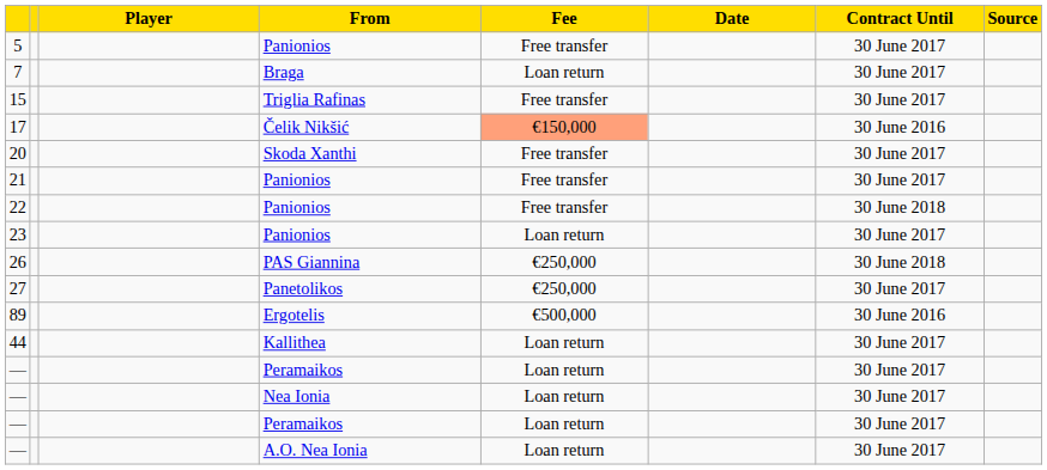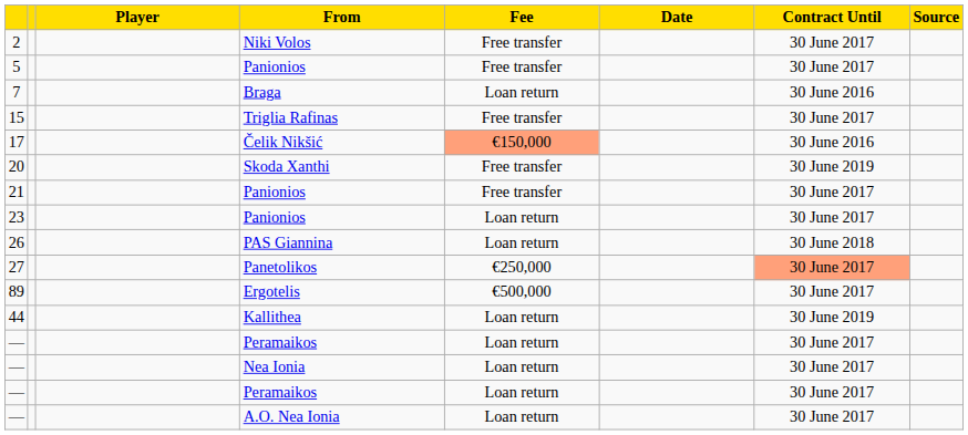 <table class="wikitable sortable">
 <tr>
 <th style="background:#FFDE00"></th>
 <th style="background:#FFDE00"></th>
 <th width=200 style="background:#FFDE00">Player</th>
 <th width=200 style="background:#FFDE00">From</th>
 <th width=150 style="background:#FFDE00">Fee</th>
 <th width=150 style="background:#FFDE00">Date</th>
 <th width=150 style="background:#FFDE00">Contract Until</th>
 <th style="background:#FFDE00">Source</th>
+</tr>
+<tr>
+<td align=center>2</td>
+<td align=center></td>
+<td></td>
+<td> <a href='#'>Niki Volos</a></td>
+<td align=center>Free transfer</td>
+<td align=center></td>
+<td align=center>30 June 2017</td>
+<td align=center></td>
 </tr>
 <tr>
 <td align=center>5</td>
 <td align=center></td>
 <td></td>
 <td> <a href='#'>Panionios</a></td>
 <td align=center>Free transfer</td>
 <td align=center></td>
 <td align=center>30 June 2017</td>
 <td align=center></td>
 </tr>
 <tr>
 <td align=center>7</td>
 <td align=center></td>
 <td></td>
 <td> <a href='#'>Braga</a></td>
 <td align=center>Loan return</td>
 <td align=center></td>
-<td align=center>30 June 2017</td>
+<td align=center>30 June 2016</td>
 <td align=center></td>
 </tr>
 <tr>
 <td align=center>15</td>
 <td align=center></td>
 <td></td>
 <td> <a href='#'>Triglia Rafinas</a></td>
 <td align=center>Free transfer</td>
 <td align=center></td>
 <td align=center>30 June 2017</td>
 <td align=center></td>
 </tr>
 <tr>
 <td align=center>17</td>
 <td align=center></td>
 <td></td>
 <td> <a href='#'>Čelik Nikšić</a></td>
 <td align=center style="background: lightsalmon;">€150,000</td>
 <td align=center></td>
 <td align=center>30 June 2016</td>
 <td align=center></td>
 </tr>
 <tr>
 <td align=center>20</td>
 <td align=center></td>
 <td></td>
 <td> <a href='#'>Skoda Xanthi</a></td>
 <td align=center>Free transfer</td>
 <td align=center></td>
-<td align=center>30 June 2017</td>
+<td align=center>30 June 2019</td>
 <td align=center></td>
 </tr>
 <tr>
 <td align=center>21</td>
 <td align=center></td>
 <td></td>
 <td> <a href='#'>Panionios</a></td>
 <td align=center>Free transfer</td>
 <td align=center></td>
 <td align=center>30 June 2017</td>
-<td align=center></td>
-</tr>
-<tr>
-<td align=center>22</td>
-<td align=center></td>
-<td></td>
-<td> <a href='#'>Panionios</a></td>
-<td align=center>Free transfer</td>
-<td align=center></td>
-<td align=center>30 June 2018</td>
 <td align=center></td>
 </tr>
 <tr>
 <td align=center>23</td>
 <td align=center></td>
 <td></td>
 <td> <a href='#'>Panionios</a></td>
 <td align=center>Loan return</td>
 <td align=center></td>
 <td align=center>30 June 2017</td>
 <td align=center></td>
 </tr>
 <tr>
 <td align=center>26</td>
 <td align=center></td>
 <td></td>
 <td> <a href='#'>PAS Giannina</a></td>
-<td align=center>€250,000</td>
+<td align=center>Loan return</td>
 <td align=center></td>
 <td align=center>30 June 2018</td>
 <td align=center></td>
 </tr>
 <tr>
 <td align=center>27</td>
 <td align=center></td>
 <td></td>
 <td> <a href='#'>Panetolikos</a></td>
 <td align=center>€250,000</td>
 <td align=center></td>
-<td align=center>30 June 2017</td>
+<td align=center style="background: lightsalmon;">30 June 2017</td>
 <td align=center></td>
 </tr>
 <tr>
 <td align=center>89</td>
 <td align=center></td>
 <td></td>
 <td> <a href='#'>Ergotelis</a></td>
 <td align=center>€500,000</td>
 <td align=center></td>
-<td align=center>30 June 2016</td>
+<td align=center>30 June 2017</td>
 <td align=center></td>
 </tr>
 <tr>
 <td align=center>44</td>
 <td align=center></td>
 <td></td>
 <td> <a href='#'>Kallithea</a></td>
 <td align=center>Loan return</td>
 <td align=center></td>
-<td align=center>30 June 2017</td>
+<td align=center>30 June 2019</td>
 <td align=center></td>
 </tr>
 <tr>
 <td align=center>—</td>
 <td align=center></td>
 <td></td>
 <td> <a href='#'>Peramaikos</a></td>
 <td align=center>Loan return</td>
 <td align=center></td>
 <td align=center>30 June 2017</td>
 <td align=center></td>
 </tr>
 <tr>
 <td align=center>—</td>
 <td align=center></td>
 <td></td>
 <td> <a href='#'>Nea Ionia</a></td>
 <td align=center>Loan return</td>
 <td align=center></td>
 <td align=center>30 June 2017</td>
 <td align=center></td>
 </tr>
 <tr>
 <td align=center>—</td>
 <td align=center></td>
 <td></td>
 <td> <a href='#'>Peramaikos</a></td>
 <td align=center>Loan return</td>
 <td align=center></td>
 <td align=center>30 June 2017</td>
 <td align=center></td>
 </tr>
 <tr>
 <td align=center>—</td>
 <td align=center></td>
 <td></td>
 <td> <a href='#'>A.O. Nea Ionia</a></td>
 <td align=center>Loan return</td>
 <td align=center></td>
 <td align=center>30 June 2017</td>
 <td align=center></td>
 </tr>
 </table>
